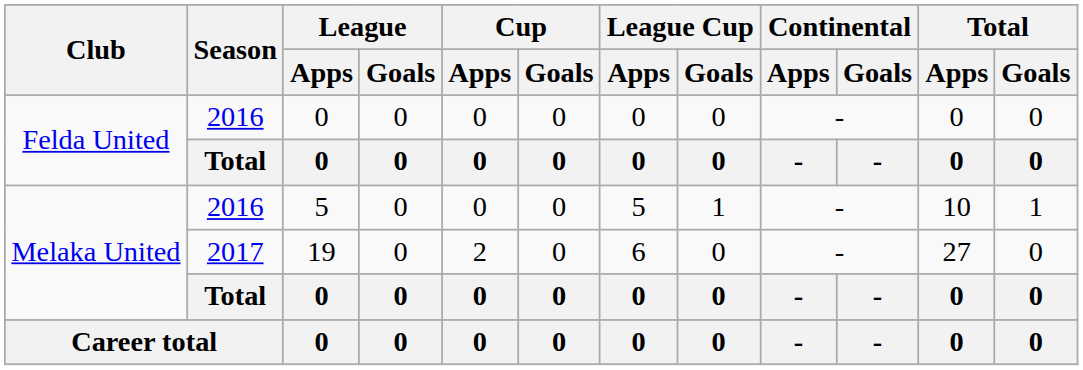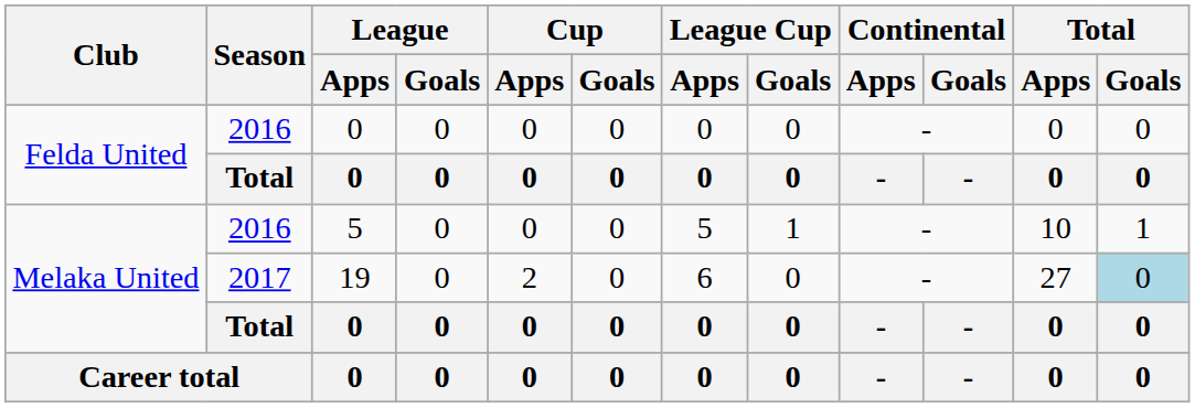 <table class="wikitable" style="text-align: center;">
 <tr>
 <th rowspan="2">Club</th>
 <th rowspan="2">Season</th>
 <th colspan="2">League</th>
 <th colspan="2">Cup</th>
 <th colspan="2">League Cup</th>
 <th colspan="2">Continental</th>
 <th colspan="2">Total</th>
 </tr>
 <tr>
 <th>Apps</th>
 <th>Goals</th>
 <th>Apps</th>
 <th>Goals</th>
 <th>Apps</th>
 <th>Goals</th>
 <th>Apps</th>
 <th>Goals</th>
 <th>Apps</th>
 <th>Goals</th>
 </tr>
 <tr>
 <td rowspan="2" valign="center"><a href='#'>Felda United</a></td>
 <td><a href='#'>2016</a></td>
 <td>0</td>
 <td>0</td>
 <td>0</td>
 <td>0</td>
 <td>0</td>
 <td>0</td>
 <td colspan="2">-</td>
 <td>0</td>
 <td>0</td>
 </tr>
 <tr>
 <th>Total</th>
 <th>0</th>
 <th>0</th>
 <th>0</th>
 <th>0</th>
 <th>0</th>
 <th>0</th>
 <th>-</th>
 <th>-</th>
 <th>0</th>
 <th>0</th>
 </tr>
 <tr>
 <td rowspan="3" valign="center"><a href='#'>Melaka United</a></td>
 <td><a href='#'>2016</a></td>
 <td>5</td>
 <td>0</td>
 <td>0</td>
 <td>0</td>
 <td>5</td>
 <td>1</td>
 <td colspan="2">-</td>
 <td>10</td>
 <td>1</td>
 </tr>
 <tr>
 <td><a href='#'>2017</a></td>
 <td>19</td>
 <td>0</td>
 <td>2</td>
 <td>0</td>
 <td>6</td>
 <td>0</td>
 <td colspan="2">-</td>
 <td>27</td>
-<td>0</td>
+<td style="background: lightblue;">0</td>
 </tr>
 <tr>
 <th>Total</th>
 <th>0</th>
 <th>0</th>
 <th>0</th>
 <th>0</th>
 <th>0</th>
 <th>0</th>
 <th>-</th>
 <th>-</th>
 <th>0</th>
 <th>0</th>
 </tr>
 <tr>
 <th colspan=2>Career total</th>
 <th>0</th>
 <th>0</th>
 <th>0</th>
 <th>0</th>
 <th>0</th>
 <th>0</th>
 <th>-</th>
 <th>-</th>
 <th>0</th>
 <th>0</th>
 </tr>
 </table>
